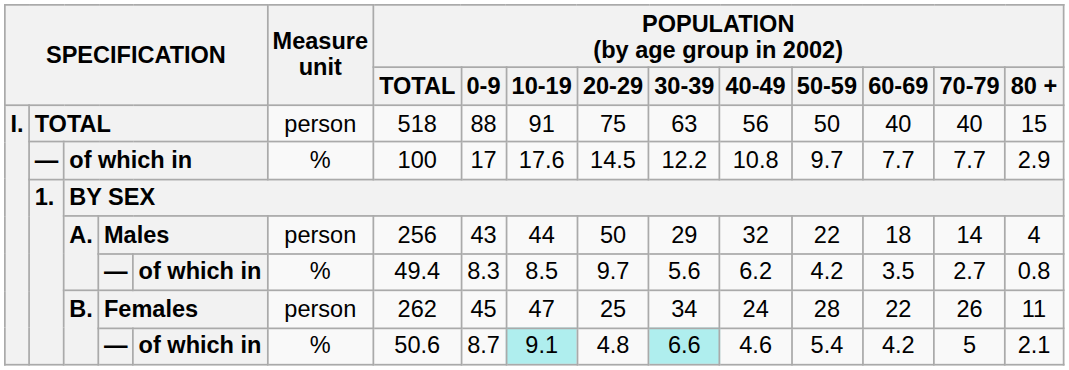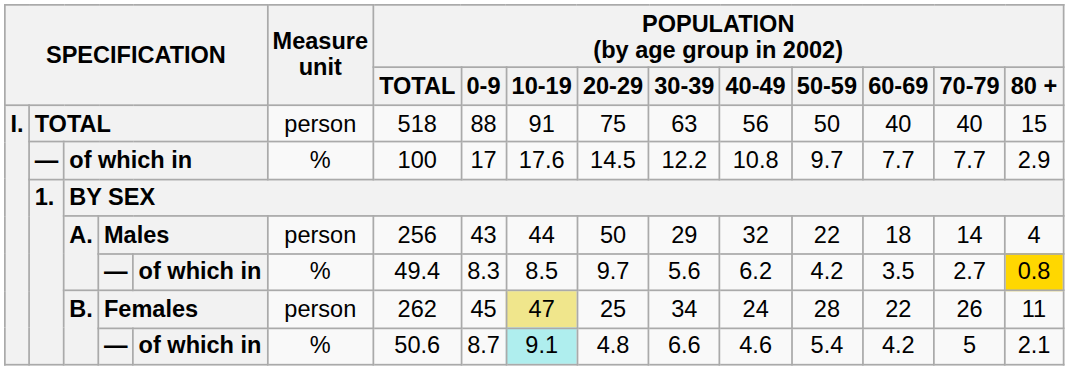 <table class="wikitable" style="font-size:85%; text-align:center">
 <tr>
 <th rowspan="2" colspan="5">SPECIFICATION</th>
 <th rowspan="2">Measure<br> unit</th>
 <th colspan="10" rowspan="1">POPULATION<br> (by age group in 2002)</th>
 </tr>
 <tr>
 <th>TOTAL</th>
 <th>0-9</th>
 <th>10-19</th>
 <th>20-29</th>
 <th>30-39</th>
 <th>40-49</th>
 <th>50-59</th>
 <th>60-69</th>
 <th>70-79</th>
 <th>80 +</th>
 </tr>
 <tr>
 <th style="text-align:left" valign="top" rowspan="7">I.</th>
 <th style="text-align:left" colspan="4">TOTAL</th>
 <td>person</td>
 <td>518</td>
 <td>88</td>
 <td>91</td>
 <td>75</td>
 <td>63</td>
 <td>56</td>
 <td>50</td>
 <td>40</td>
 <td>40</td>
 <td>15</td>
 </tr>
 <tr>
 <th style="text-align:left" valign="top">—</th>
 <th style="text-align:left" colspan="3">of which in</th>
 <td>%</td>
 <td>100</td>
 <td>17</td>
 <td>17.6</td>
 <td>14.5</td>
 <td>12.2</td>
 <td>10.8</td>
 <td>9.7</td>
 <td>7.7</td>
 <td>7.7</td>
 <td>2.9</td>
 </tr>
 <tr>
 <th style="text-align:left" valign="top" rowspan="5">1.</th>
 <th style="text-align:left" colspan="14">BY SEX</th>
 </tr>
 <tr>
 <th style="text-align:left" valign="top" rowspan="2">A.</th>
 <th style="text-align:left" colspan="2">Males</th>
 <td>person</td>
 <td>256</td>
 <td>43</td>
 <td>44</td>
 <td>50</td>
 <td>29</td>
 <td>32</td>
 <td>22</td>
 <td>18</td>
 <td>14</td>
 <td>4</td>
 </tr>
 <tr>
 <th style="text-align:left" valign="top">—</th>
 <th style="text-align:left" colspan="1">of which in</th>
 <td>%</td>
 <td>49.4</td>
 <td>8.3</td>
 <td>8.5</td>
 <td>9.7</td>
 <td>5.6</td>
 <td>6.2</td>
 <td>4.2</td>
 <td>3.5</td>
 <td>2.7</td>
-<td>0.8</td>
+<td style="background: gold;">0.8</td>
 </tr>
 <tr>
 <th style="text-align:left" valign="top" rowspan="2">B.</th>
 <th style="text-align:left" colspan="2">Females</th>
 <td>person</td>
 <td>262</td>
 <td>45</td>
-<td>47</td>
+<td style="background: khaki;">47</td>
 <td>25</td>
 <td>34</td>
 <td>24</td>
 <td>28</td>
 <td>22</td>
 <td>26</td>
 <td>11</td>
 </tr>
 <tr>
 <th style="text-align:left" valign="top">—</th>
 <th style="text-align:left" colspan="1">of which in</th>
 <td>%</td>
 <td>50.6</td>
 <td>8.7</td>
 <td style="background: paleturquoise;">9.1</td>
 <td>4.8</td>
-<td style="background: paleturquoise;">6.6</td>
+<td>6.6</td>
 <td>4.6</td>
 <td>5.4</td>
 <td>4.2</td>
 <td>5</td>
 <td>2.1</td>
 </tr>
 </table>
